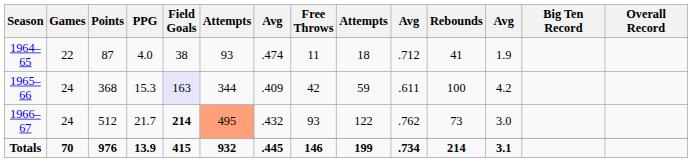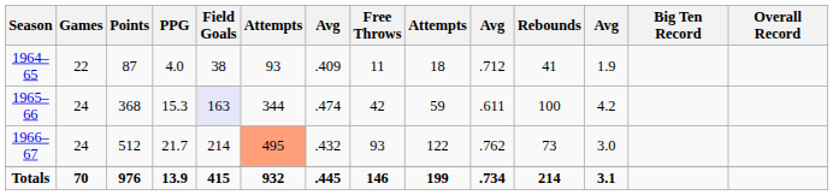 <table class="wikitable sortable" style="text-align:center">
 <tr>
 <th width=40px>Season</th>
 <th width=40px>Games</th>
 <th width=40px>Points</th>
 <th width=40px>PPG</th>
 <th width=40px>Field Goals</th>
 <th width=40px>Attempts</th>
 <th width=40px>Avg</th>
 <th width=40px>Free Throws</th>
 <th width=40px>Attempts</th>
 <th width=40px>Avg</th>
 <th width=40px>Rebounds</th>
 <th width=40px>Avg</th>
 <th width=100px>Big Ten <br>Record</th>
 <th width=100px>Overall <br>Record</th>
 </tr>
 <tr>
 <td><a href='#'>1964–65</a></td>
 <td>22</td>
 <td>87</td>
 <td>4.0</td>
 <td>38</td>
 <td>93</td>
-<td>.474</td>
+<td>.409</td>
 <td>11</td>
 <td>18</td>
 <td>.712</td>
 <td>41</td>
 <td>1.9</td>
 <td></td>
 <td></td>
 </tr>
 <tr>
 <td><a href='#'>1965–66</a></td>
 <td>24</td>
 <td>368</td>
 <td>15.3</td>
 <td style="background: lavender;">163</td>
 <td>344</td>
-<td>.409</td>
+<td>.474</td>
 <td>42</td>
 <td>59</td>
 <td>.611</td>
 <td>100</td>
 <td>4.2</td>
 <td></td>
 <td></td>
 </tr>
 <tr>
 <td><a href='#'>1966–67</a></td>
 <td>24</td>
 <td>512</td>
 <td>21.7</td>
-<td><strong>214</strong></td>
+<td>214</td>
 <td style="background: lightsalmon;">495</td>
 <td>.432</td>
 <td>93</td>
 <td>122</td>
 <td>.762</td>
 <td>73</td>
 <td>3.0</td>
 <td></td>
 <td></td>
 </tr>
 <tr>
 </tr>
 <tr class="sortbottom">
 <td><strong>Totals</strong></td>
 <td><strong>70</strong></td>
 <td><strong>976</strong></td>
 <td><strong>13.9</strong></td>
 <td><strong>415</strong></td>
 <td><strong>932</strong></td>
 <td><strong>.445</strong></td>
 <td><strong>146</strong></td>
 <td><strong>199</strong></td>
 <td><strong>.734</strong></td>
 <td><strong>214</strong></td>
 <td><strong>3.1</strong></td>
 <td><strong></strong></td>
 <td><strong></strong></td>
 </tr>
 </table>
